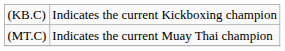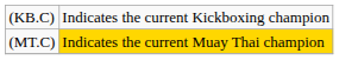 <table class="wikitable">
 <tr>
 <td>(KB.C)</td>
 <td>Indicates the current Kickboxing champion</td>
 </tr>
 <tr>
 <td>(MT.C)</td>
-<td>Indicates the current Muay Thai champion</td>
+<td style="background: gold;">Indicates the current Muay Thai champion</td>
 </tr>
 <tr>
 </tr>
 </table>
